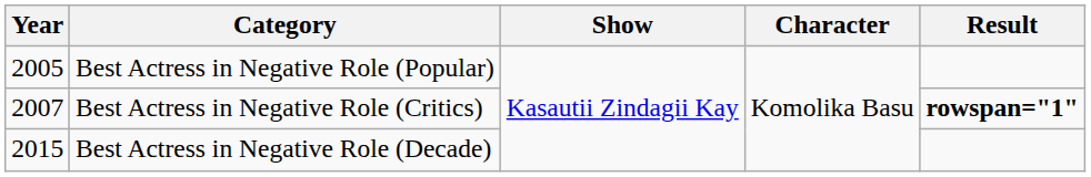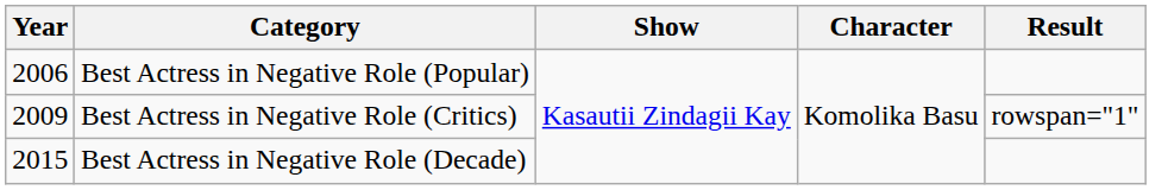 <table class="wikitable sortable">
 <tr>
 <th>Year</th>
 <th>Category</th>
 <th>Show</th>
 <th>Character</th>
 <th>Result</th>
 </tr>
 <tr>
-<td rowspan="1">2005</td>
+<td rowspan="1">2006</td>
 <td>Best Actress in Negative Role (Popular)</td>
 <td rowspan="3"><a href='#'>Kasautii Zindagii Kay</a></td>
 <td rowspan="3">Komolika Basu</td>
 <td></td>
 </tr>
 <tr>
-<td>2007</td>
+<td>2009</td>
 <td>Best Actress in Negative Role (Critics)</td>
-<td><strong>rowspan="1" </strong></td>
+<td>rowspan="1" </td>
 </tr>
 <tr>
 <td>2015</td>
 <td>Best Actress in Negative Role (Decade)</td>
 <td></td>
 </tr>
 </table>
